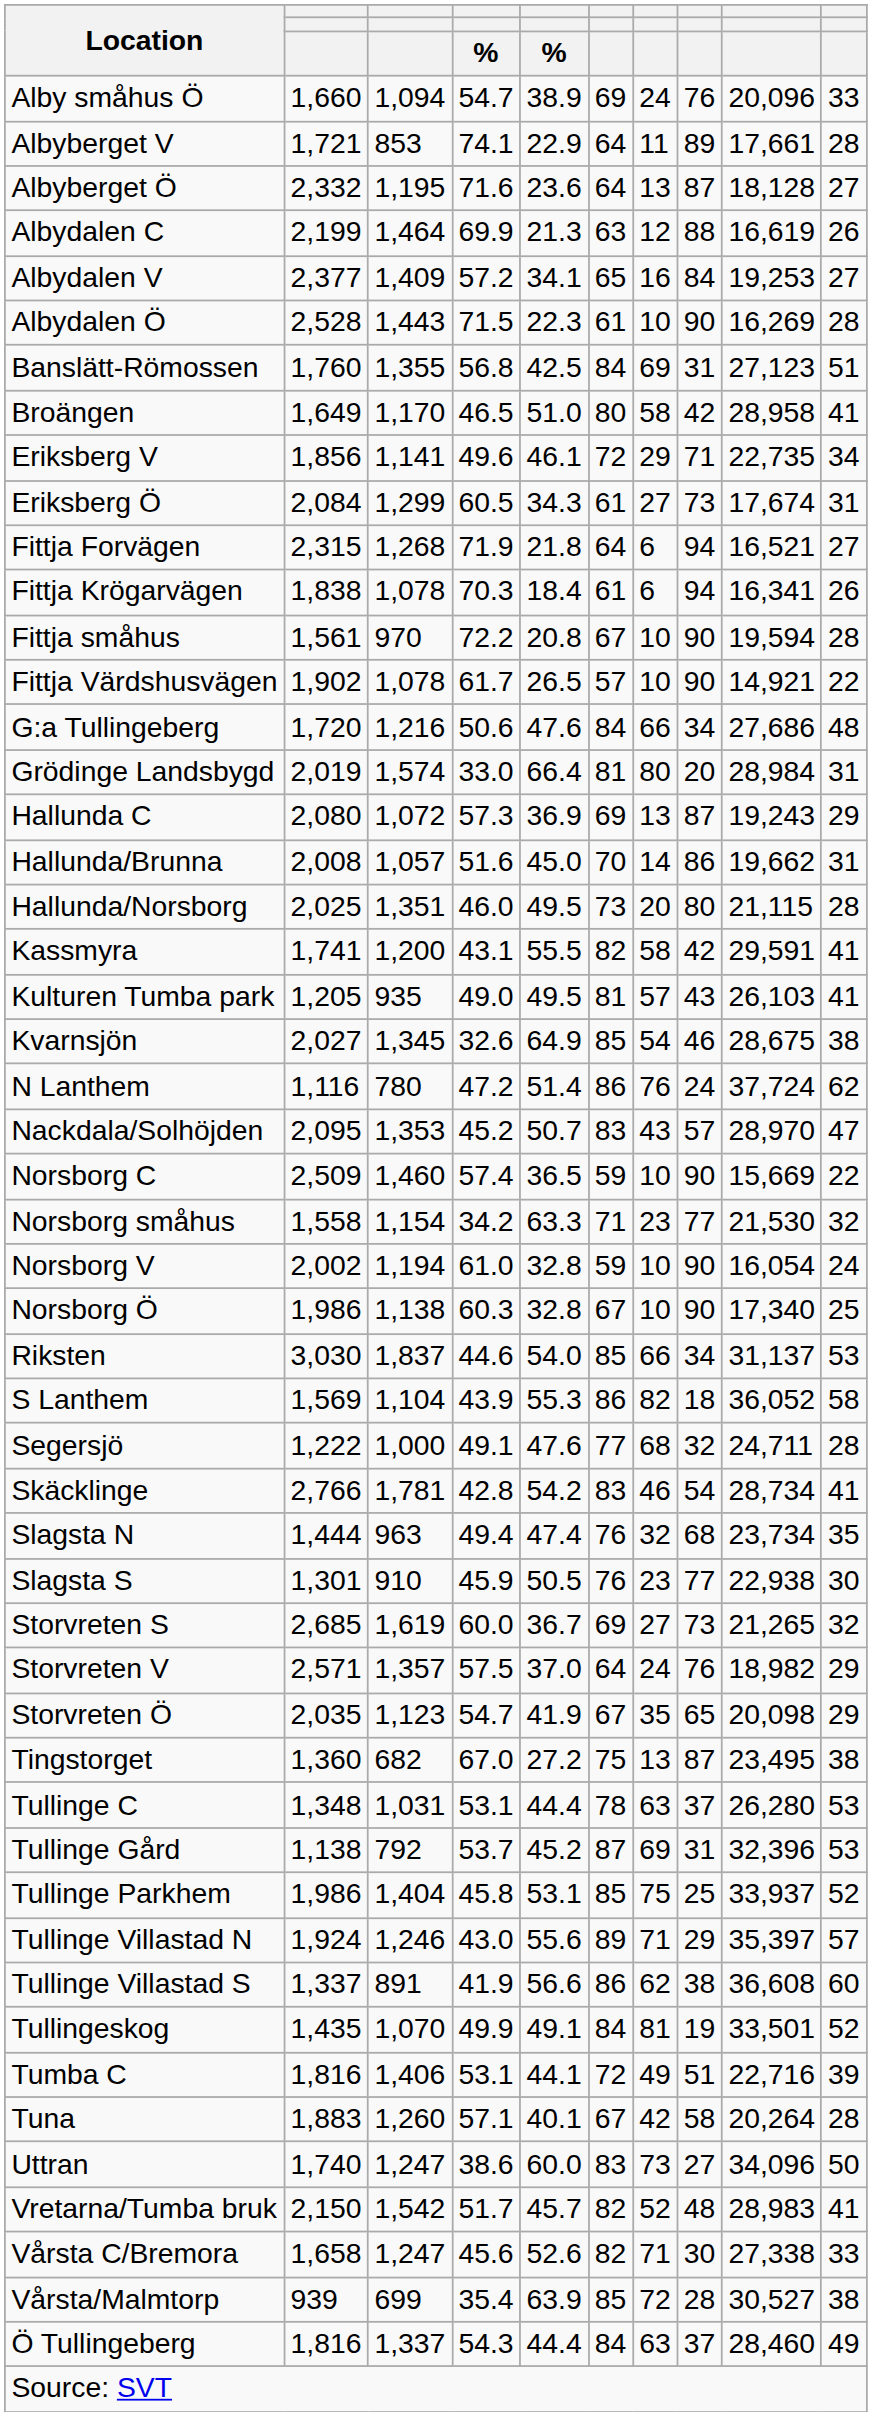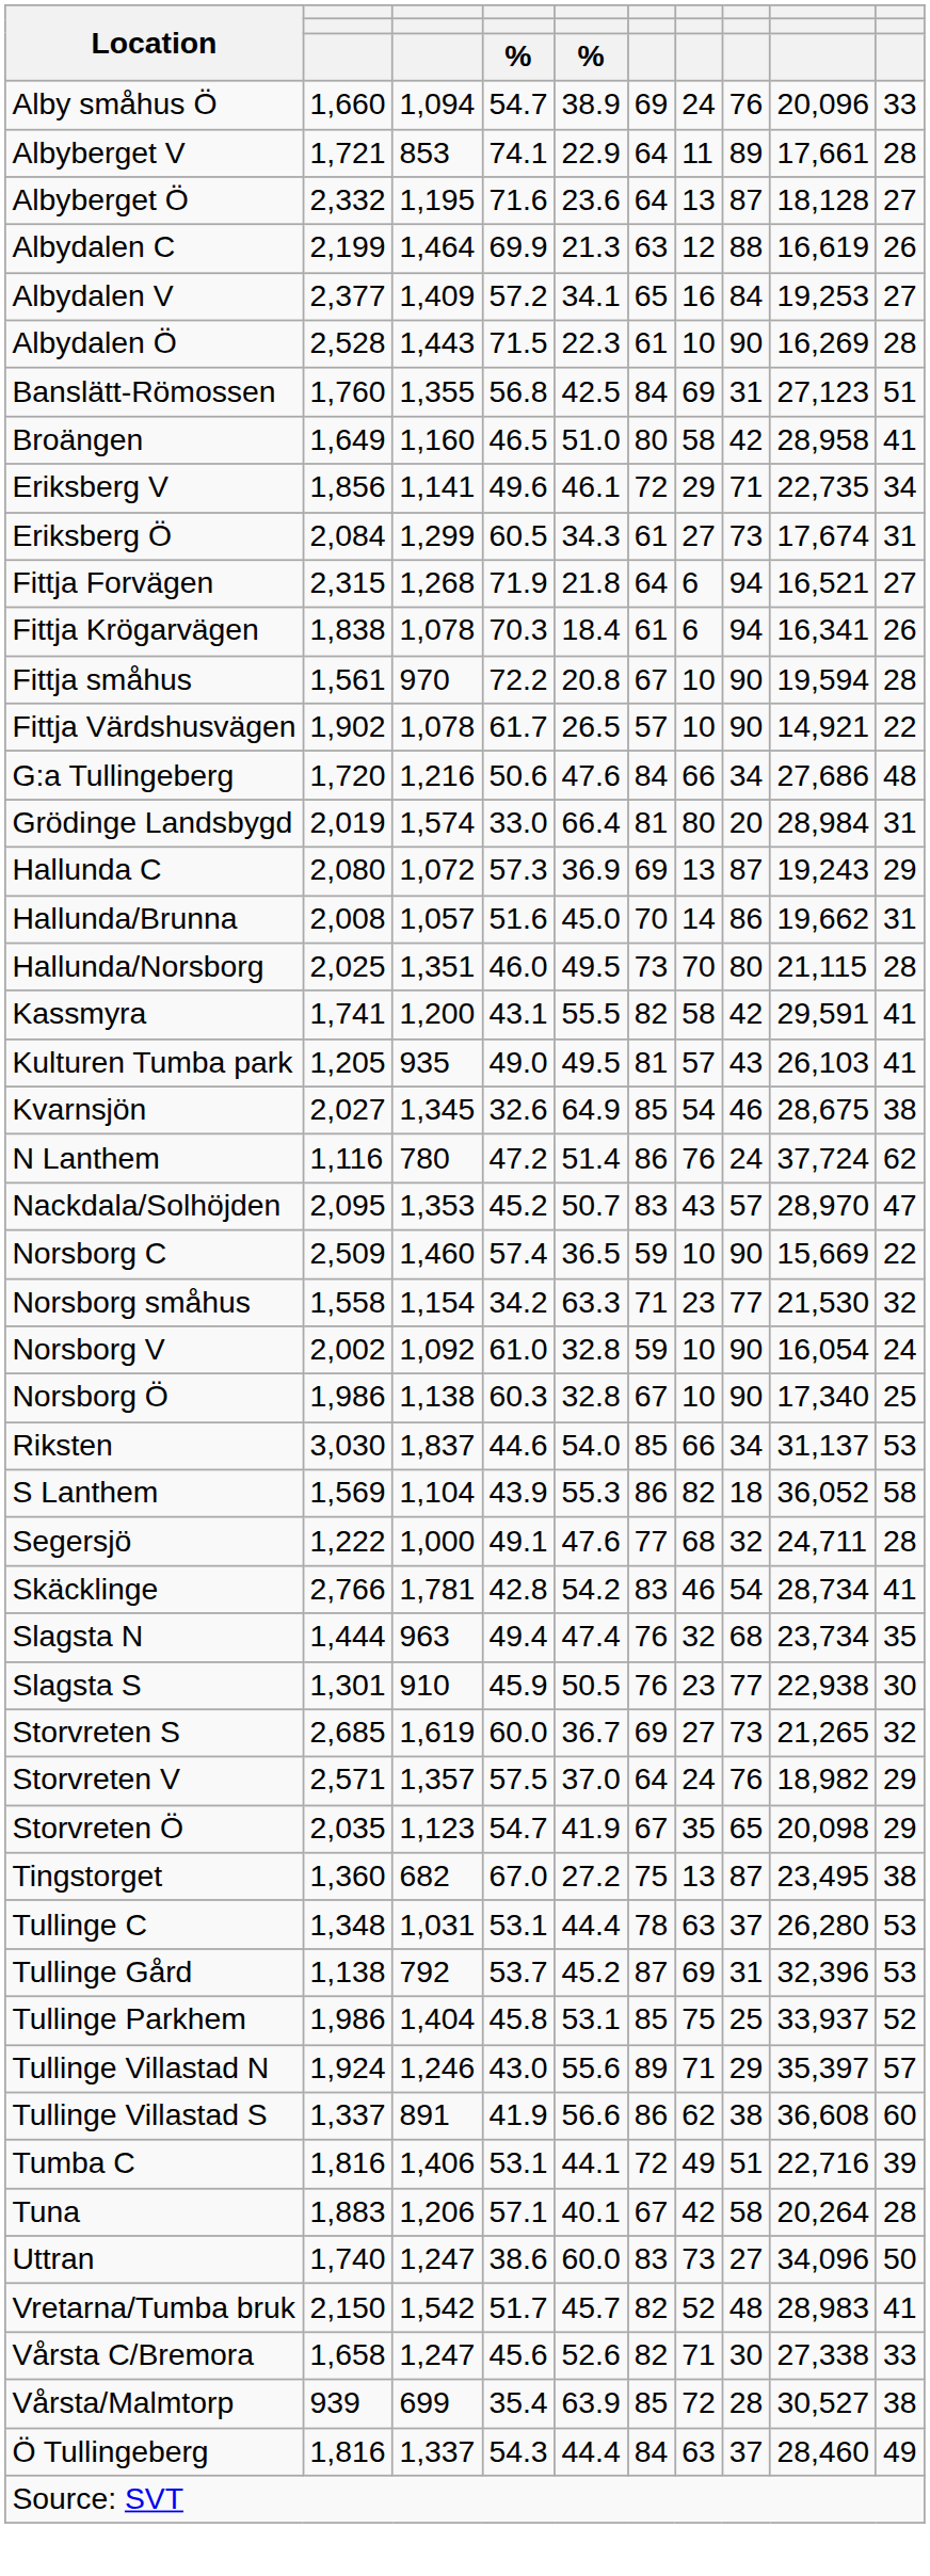 <table role="presentation" class="wikitable sortable mw-collapsible mw-collapsed">
 <tr>
 <th rowspan="3">Location</th>
 <th></th>
 <th></th>
 <th></th>
 <th></th>
 <th></th>
 <th></th>
 <th></th>
 <th></th>
 <th></th>
 </tr>
 <tr>
 <th></th>
 <th></th>
 <th style="background:"></th>
 <th style="background:"></th>
 <th></th>
 <th></th>
 <th></th>
 <th></th>
 <th></th>
 </tr>
 <tr>
 <th data-sort-type="number"></th>
 <th data-sort-type="number"></th>
 <th data-sort-type="number">%</th>
 <th data-sort-type="number">%</th>
 <th data-sort-type="number"></th>
 <th data-sort-type="number"></th>
 <th data-sort-type="number"></th>
 <th data-sort-type="number"></th>
 <th data-sort-type="number"></th>
 </tr>
 <tr>
 <td align="left">Alby småhus Ö</td>
 <td>1,660</td>
 <td>1,094</td>
 <td>54.7</td>
 <td>38.9</td>
 <td>69</td>
 <td>24</td>
 <td>76</td>
 <td>20,096</td>
 <td>33</td>
 </tr>
 <tr>
 <td align="left">Albyberget V</td>
 <td>1,721</td>
 <td>853</td>
 <td>74.1</td>
 <td>22.9</td>
 <td>64</td>
 <td>11</td>
 <td>89</td>
 <td>17,661</td>
 <td>28</td>
 </tr>
 <tr>
 <td align="left">Albyberget Ö</td>
 <td>2,332</td>
 <td>1,195</td>
 <td>71.6</td>
 <td>23.6</td>
 <td>64</td>
 <td>13</td>
 <td>87</td>
 <td>18,128</td>
 <td>27</td>
 </tr>
 <tr>
 <td align="left">Albydalen C</td>
 <td>2,199</td>
 <td>1,464</td>
 <td>69.9</td>
 <td>21.3</td>
 <td>63</td>
 <td>12</td>
 <td>88</td>
 <td>16,619</td>
 <td>26</td>
 </tr>
 <tr>
 <td align="left">Albydalen V</td>
 <td>2,377</td>
 <td>1,409</td>
 <td>57.2</td>
 <td>34.1</td>
 <td>65</td>
 <td>16</td>
 <td>84</td>
 <td>19,253</td>
 <td>27</td>
 </tr>
 <tr>
 <td align="left">Albydalen Ö</td>
 <td>2,528</td>
 <td>1,443</td>
 <td>71.5</td>
 <td>22.3</td>
 <td>61</td>
 <td>10</td>
 <td>90</td>
 <td>16,269</td>
 <td>28</td>
 </tr>
 <tr>
 <td align="left">Banslätt-Römossen</td>
 <td>1,760</td>
 <td>1,355</td>
 <td>56.8</td>
 <td>42.5</td>
 <td>84</td>
 <td>69</td>
 <td>31</td>
 <td>27,123</td>
 <td>51</td>
 </tr>
 <tr>
 <td align="left">Broängen</td>
 <td>1,649</td>
-<td>1,170</td>
+<td>1,160</td>
 <td>46.5</td>
 <td>51.0</td>
 <td>80</td>
 <td>58</td>
 <td>42</td>
 <td>28,958</td>
 <td>41</td>
 </tr>
 <tr>
 <td align="left">Eriksberg V</td>
 <td>1,856</td>
 <td>1,141</td>
 <td>49.6</td>
 <td>46.1</td>
 <td>72</td>
 <td>29</td>
 <td>71</td>
 <td>22,735</td>
 <td>34</td>
 </tr>
 <tr>
 <td align="left">Eriksberg Ö</td>
 <td>2,084</td>
 <td>1,299</td>
 <td>60.5</td>
 <td>34.3</td>
 <td>61</td>
 <td>27</td>
 <td>73</td>
 <td>17,674</td>
 <td>31</td>
 </tr>
 <tr>
 <td align="left">Fittja Forvägen</td>
 <td>2,315</td>
 <td>1,268</td>
 <td>71.9</td>
 <td>21.8</td>
 <td>64</td>
 <td>6</td>
 <td>94</td>
 <td>16,521</td>
 <td>27</td>
 </tr>
 <tr>
 <td align="left">Fittja Krögarvägen</td>
 <td>1,838</td>
 <td>1,078</td>
 <td>70.3</td>
 <td>18.4</td>
 <td>61</td>
 <td>6</td>
 <td>94</td>
 <td>16,341</td>
 <td>26</td>
 </tr>
 <tr>
 <td align="left">Fittja småhus</td>
 <td>1,561</td>
 <td>970</td>
 <td>72.2</td>
 <td>20.8</td>
 <td>67</td>
 <td>10</td>
 <td>90</td>
 <td>19,594</td>
 <td>28</td>
 </tr>
 <tr>
 <td align="left">Fittja Värdshusvägen</td>
 <td>1,902</td>
 <td>1,078</td>
 <td>61.7</td>
 <td>26.5</td>
 <td>57</td>
 <td>10</td>
 <td>90</td>
 <td>14,921</td>
 <td>22</td>
 </tr>
 <tr>
 <td align="left">G:a Tullingeberg</td>
 <td>1,720</td>
 <td>1,216</td>
 <td>50.6</td>
 <td>47.6</td>
 <td>84</td>
 <td>66</td>
 <td>34</td>
 <td>27,686</td>
 <td>48</td>
 </tr>
 <tr>
 <td align="left">Grödinge Landsbygd</td>
 <td>2,019</td>
 <td>1,574</td>
 <td>33.0</td>
 <td>66.4</td>
 <td>81</td>
 <td>80</td>
 <td>20</td>
 <td>28,984</td>
 <td>31</td>
 </tr>
 <tr>
 <td align="left">Hallunda C</td>
 <td>2,080</td>
 <td>1,072</td>
 <td>57.3</td>
 <td>36.9</td>
 <td>69</td>
 <td>13</td>
 <td>87</td>
 <td>19,243</td>
 <td>29</td>
 </tr>
 <tr>
 <td align="left">Hallunda/Brunna</td>
 <td>2,008</td>
 <td>1,057</td>
 <td>51.6</td>
 <td>45.0</td>
 <td>70</td>
 <td>14</td>
 <td>86</td>
 <td>19,662</td>
 <td>31</td>
 </tr>
 <tr>
 <td align="left">Hallunda/Norsborg</td>
 <td>2,025</td>
 <td>1,351</td>
 <td>46.0</td>
 <td>49.5</td>
 <td>73</td>
-<td>20</td>
+<td>70</td>
 <td>80</td>
 <td>21,115</td>
 <td>28</td>
 </tr>
 <tr>
 <td align="left">Kassmyra</td>
 <td>1,741</td>
 <td>1,200</td>
 <td>43.1</td>
 <td>55.5</td>
 <td>82</td>
 <td>58</td>
 <td>42</td>
 <td>29,591</td>
 <td>41</td>
 </tr>
 <tr>
 <td align="left">Kulturen Tumba park</td>
 <td>1,205</td>
 <td>935</td>
 <td>49.0</td>
 <td>49.5</td>
 <td>81</td>
 <td>57</td>
 <td>43</td>
 <td>26,103</td>
 <td>41</td>
 </tr>
 <tr>
 <td align="left">Kvarnsjön</td>
 <td>2,027</td>
 <td>1,345</td>
 <td>32.6</td>
 <td>64.9</td>
 <td>85</td>
 <td>54</td>
 <td>46</td>
 <td>28,675</td>
 <td>38</td>
 </tr>
 <tr>
 <td align="left">N Lanthem</td>
 <td>1,116</td>
 <td>780</td>
 <td>47.2</td>
 <td>51.4</td>
 <td>86</td>
 <td>76</td>
 <td>24</td>
 <td>37,724</td>
 <td>62</td>
 </tr>
 <tr>
 <td align="left">Nackdala/Solhöjden</td>
 <td>2,095</td>
 <td>1,353</td>
 <td>45.2</td>
 <td>50.7</td>
 <td>83</td>
 <td>43</td>
 <td>57</td>
 <td>28,970</td>
 <td>47</td>
 </tr>
 <tr>
 <td align="left">Norsborg C</td>
 <td>2,509</td>
 <td>1,460</td>
 <td>57.4</td>
 <td>36.5</td>
 <td>59</td>
 <td>10</td>
 <td>90</td>
 <td>15,669</td>
 <td>22</td>
 </tr>
 <tr>
 <td align="left">Norsborg småhus</td>
 <td>1,558</td>
 <td>1,154</td>
 <td>34.2</td>
 <td>63.3</td>
 <td>71</td>
 <td>23</td>
 <td>77</td>
 <td>21,530</td>
 <td>32</td>
 </tr>
 <tr>
 <td align="left">Norsborg V</td>
 <td>2,002</td>
-<td>1,194</td>
+<td>1,092</td>
 <td>61.0</td>
 <td>32.8</td>
 <td>59</td>
 <td>10</td>
 <td>90</td>
 <td>16,054</td>
 <td>24</td>
 </tr>
 <tr>
 <td align="left">Norsborg Ö</td>
 <td>1,986</td>
 <td>1,138</td>
 <td>60.3</td>
 <td>32.8</td>
 <td>67</td>
 <td>10</td>
 <td>90</td>
 <td>17,340</td>
 <td>25</td>
 </tr>
 <tr>
 <td align="left">Riksten</td>
 <td>3,030</td>
 <td>1,837</td>
 <td>44.6</td>
 <td>54.0</td>
 <td>85</td>
 <td>66</td>
 <td>34</td>
 <td>31,137</td>
 <td>53</td>
 </tr>
 <tr>
 <td align="left">S Lanthem</td>
 <td>1,569</td>
 <td>1,104</td>
 <td>43.9</td>
 <td>55.3</td>
 <td>86</td>
 <td>82</td>
 <td>18</td>
 <td>36,052</td>
 <td>58</td>
 </tr>
 <tr>
 <td align="left">Segersjö</td>
 <td>1,222</td>
 <td>1,000</td>
 <td>49.1</td>
 <td>47.6</td>
 <td>77</td>
 <td>68</td>
 <td>32</td>
 <td>24,711</td>
 <td>28</td>
 </tr>
 <tr>
 <td align="left">Skäcklinge</td>
 <td>2,766</td>
 <td>1,781</td>
 <td>42.8</td>
 <td>54.2</td>
 <td>83</td>
 <td>46</td>
 <td>54</td>
 <td>28,734</td>
 <td>41</td>
 </tr>
 <tr>
 <td align="left">Slagsta N</td>
 <td>1,444</td>
 <td>963</td>
 <td>49.4</td>
 <td>47.4</td>
 <td>76</td>
 <td>32</td>
 <td>68</td>
 <td>23,734</td>
 <td>35</td>
 </tr>
 <tr>
 <td align="left">Slagsta S</td>
 <td>1,301</td>
 <td>910</td>
 <td>45.9</td>
 <td>50.5</td>
 <td>76</td>
 <td>23</td>
 <td>77</td>
 <td>22,938</td>
 <td>30</td>
 </tr>
 <tr>
 <td align="left">Storvreten S</td>
 <td>2,685</td>
 <td>1,619</td>
 <td>60.0</td>
 <td>36.7</td>
 <td>69</td>
 <td>27</td>
 <td>73</td>
 <td>21,265</td>
 <td>32</td>
 </tr>
 <tr>
 <td align="left">Storvreten V</td>
 <td>2,571</td>
 <td>1,357</td>
 <td>57.5</td>
 <td>37.0</td>
 <td>64</td>
 <td>24</td>
 <td>76</td>
 <td>18,982</td>
 <td>29</td>
 </tr>
 <tr>
 <td align="left">Storvreten Ö</td>
 <td>2,035</td>
 <td>1,123</td>
 <td>54.7</td>
 <td>41.9</td>
 <td>67</td>
 <td>35</td>
 <td>65</td>
 <td>20,098</td>
 <td>29</td>
 </tr>
 <tr>
 <td align="left">Tingstorget</td>
 <td>1,360</td>
 <td>682</td>
 <td>67.0</td>
 <td>27.2</td>
 <td>75</td>
 <td>13</td>
 <td>87</td>
 <td>23,495</td>
 <td>38</td>
 </tr>
 <tr>
 <td align="left">Tullinge C</td>
 <td>1,348</td>
 <td>1,031</td>
 <td>53.1</td>
 <td>44.4</td>
 <td>78</td>
 <td>63</td>
 <td>37</td>
 <td>26,280</td>
 <td>53</td>
 </tr>
 <tr>
 <td align="left">Tullinge Gård</td>
 <td>1,138</td>
 <td>792</td>
 <td>53.7</td>
 <td>45.2</td>
 <td>87</td>
 <td>69</td>
 <td>31</td>
 <td>32,396</td>
 <td>53</td>
 </tr>
 <tr>
 <td align="left">Tullinge Parkhem</td>
 <td>1,986</td>
 <td>1,404</td>
 <td>45.8</td>
 <td>53.1</td>
 <td>85</td>
 <td>75</td>
 <td>25</td>
 <td>33,937</td>
 <td>52</td>
 </tr>
 <tr>
 <td align="left">Tullinge Villastad N</td>
 <td>1,924</td>
 <td>1,246</td>
 <td>43.0</td>
 <td>55.6</td>
 <td>89</td>
 <td>71</td>
 <td>29</td>
 <td>35,397</td>
 <td>57</td>
 </tr>
 <tr>
 <td align="left">Tullinge Villastad S</td>
 <td>1,337</td>
 <td>891</td>
 <td>41.9</td>
 <td>56.6</td>
 <td>86</td>
 <td>62</td>
 <td>38</td>
 <td>36,608</td>
 <td>60</td>
 </tr>
 <tr>
-<td align="left">Tullingeskog</td>
-<td>1,435</td>
-<td>1,070</td>
-<td>49.9</td>
-<td>49.1</td>
-<td>84</td>
-<td>81</td>
-<td>19</td>
-<td>33,501</td>
-<td>52</td>
-</tr>
-<tr>
 <td align="left">Tumba C</td>
 <td>1,816</td>
 <td>1,406</td>
 <td>53.1</td>
 <td>44.1</td>
 <td>72</td>
 <td>49</td>
 <td>51</td>
 <td>22,716</td>
 <td>39</td>
 </tr>
 <tr>
 <td align="left">Tuna</td>
 <td>1,883</td>
-<td>1,260</td>
+<td>1,206</td>
 <td>57.1</td>
 <td>40.1</td>
 <td>67</td>
 <td>42</td>
 <td>58</td>
 <td>20,264</td>
 <td>28</td>
 </tr>
 <tr>
 <td align="left">Uttran</td>
 <td>1,740</td>
 <td>1,247</td>
 <td>38.6</td>
 <td>60.0</td>
 <td>83</td>
 <td>73</td>
 <td>27</td>
 <td>34,096</td>
 <td>50</td>
 </tr>
 <tr>
 <td align="left">Vretarna/Tumba bruk</td>
 <td>2,150</td>
 <td>1,542</td>
 <td>51.7</td>
 <td>45.7</td>
 <td>82</td>
 <td>52</td>
 <td>48</td>
 <td>28,983</td>
 <td>41</td>
 </tr>
 <tr>
 <td align="left">Vårsta C/Bremora</td>
 <td>1,658</td>
 <td>1,247</td>
 <td>45.6</td>
 <td>52.6</td>
 <td>82</td>
 <td>71</td>
 <td>30</td>
 <td>27,338</td>
 <td>33</td>
 </tr>
 <tr>
 <td align="left">Vårsta/Malmtorp</td>
 <td>939</td>
 <td>699</td>
 <td>35.4</td>
 <td>63.9</td>
 <td>85</td>
 <td>72</td>
 <td>28</td>
 <td>30,527</td>
 <td>38</td>
 </tr>
 <tr>
 <td align="left">Ö Tullingeberg</td>
 <td>1,816</td>
 <td>1,337</td>
 <td>54.3</td>
 <td>44.4</td>
 <td>84</td>
 <td>63</td>
 <td>37</td>
 <td>28,460</td>
 <td>49</td>
 </tr>
 <tr>
 <td colspan="10" align="left">Source: <a href='#'>SVT</a></td>
 </tr>
 </table>
